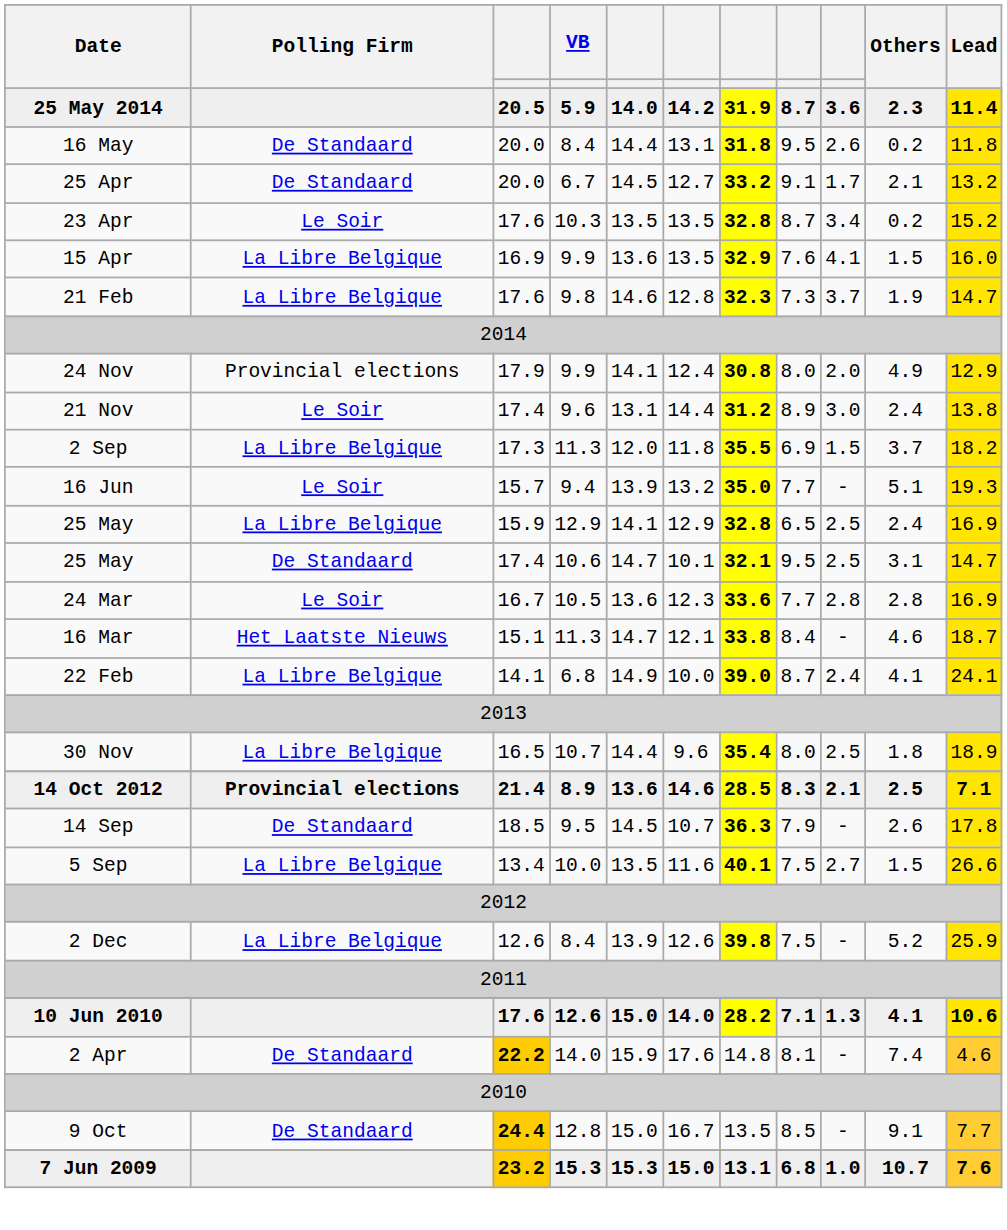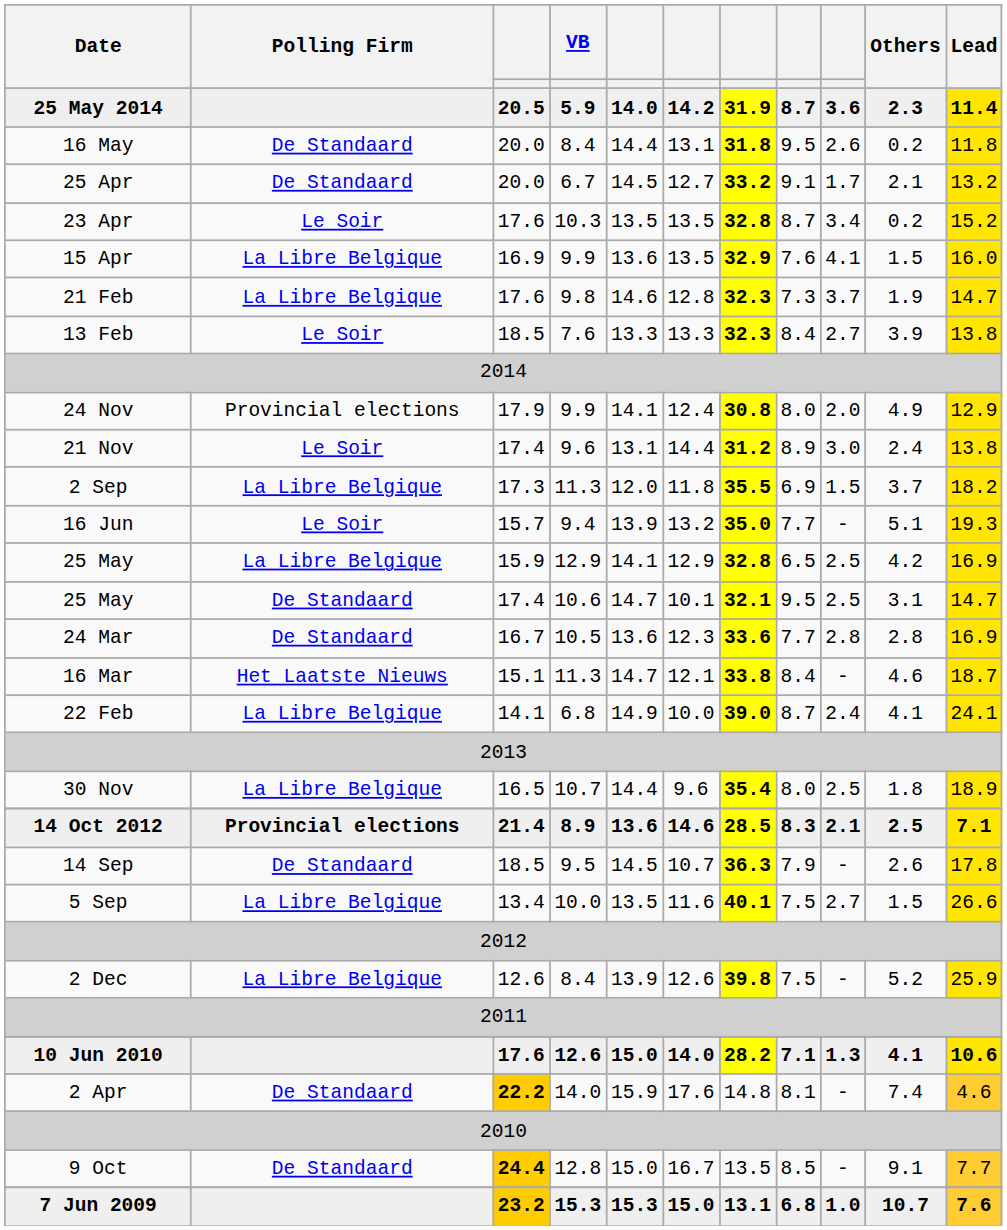 <table class="wikitable" style="text-align:center; font-size:85%; line-height:16px;">
 <tr style="height:42px;">
 <th style="width:100px;" rowspan="2">Date</th>
 <th style="width:165px;" rowspan="2">Polling Firm</th>
 <th></th>
 <th><a href='#'>VB</a></th>
 <th></th>
 <th></th>
 <th></th>
 <th></th>
 <th></th>
 <th style="width:40px;" rowspan="2">Others</th>
 <th style="width:20px;" rowspan="2">Lead</th>
 </tr>
 <tr>
 <th style="background:"></th>
 <th style="background:"></th>
 <th style="background:"></th>
 <th style="background:"></th>
 <th style="background:"></th>
 <th style="background:"></th>
 <th style="background:"></th>
 </tr>
 <tr style="background:#EFEFEF; font-weight:bold;">
 <td>25 May 2014</td>
 <td></td>
 <td>20.5</td>
 <td>5.9</td>
 <td>14.0</td>
 <td>14.2</td>
 <td style="background:#FFFF00"><strong>31.9</strong></td>
 <td>8.7</td>
 <td>3.6</td>
 <td>2.3</td>
 <td style="background:#FFE500; color:black;">11.4</td>
 </tr>
 <tr>
 <td>16 May</td>
 <td><a href='#'>De Standaard</a></td>
 <td>20.0</td>
 <td>8.4</td>
 <td>14.4</td>
 <td>13.1</td>
 <td style="background:#FFFF00"><strong>31.8</strong></td>
 <td>9.5</td>
 <td>2.6</td>
 <td>0.2</td>
 <td style="background:#FFE500; color:black;">11.8</td>
 </tr>
 <tr>
 <td>25 Apr</td>
 <td><a href='#'>De Standaard</a></td>
 <td>20.0</td>
 <td>6.7</td>
 <td>14.5</td>
 <td>12.7</td>
 <td style="background:#FFFF00"><strong>33.2</strong></td>
 <td>9.1</td>
 <td>1.7</td>
 <td>2.1</td>
 <td style="background:#FFE500; color:black;">13.2</td>
 </tr>
 <tr>
 <td>23 Apr</td>
 <td><a href='#'>Le Soir</a></td>
 <td>17.6</td>
 <td>10.3</td>
 <td>13.5</td>
 <td>13.5</td>
 <td style="background:#FFFF00"><strong>32.8</strong></td>
 <td>8.7</td>
 <td>3.4</td>
 <td>0.2</td>
 <td style="background:#FFE500; color:black;">15.2</td>
 </tr>
 <tr>
 <td>15 Apr</td>
 <td><a href='#'>La Libre Belgique</a></td>
 <td>16.9</td>
 <td>9.9</td>
 <td>13.6</td>
 <td>13.5</td>
 <td style="background:#FFFF00"><strong>32.9</strong></td>
 <td>7.6</td>
 <td>4.1</td>
 <td>1.5</td>
 <td style="background:#FFE500; color:black;">16.0</td>
 </tr>
 <tr>
 <td>21 Feb</td>
 <td><a href='#'>La Libre Belgique</a></td>
 <td>17.6</td>
 <td>9.8</td>
 <td>14.6</td>
 <td>12.8</td>
 <td style="background:#FFFF00"><strong>32.3</strong></td>
 <td>7.3</td>
 <td>3.7</td>
 <td>1.9</td>
 <td style="background:#FFE500; color:black;">14.7</td>
 </tr>
 <tr>
+<td>13 Feb</td>
+<td><a href='#'>Le Soir</a></td>
+<td>18.5</td>
+<td>7.6</td>
+<td>13.3</td>
+<td>13.3</td>
+<td style="background:#FFFF00"><strong>32.3</strong></td>
+<td>8.4</td>
+<td>2.7</td>
+<td>3.9</td>
+<td style="background:#FFE500; color:black;">13.8</td>
+</tr>
+<tr>
 <td colspan="11" style="background:#D0D0D0; color:black">2014</td>
 </tr>
 <tr>
 <td>24 Nov</td>
 <td>Provincial elections</td>
 <td>17.9</td>
 <td>9.9</td>
 <td>14.1</td>
 <td>12.4</td>
 <td style="background:#FFFF00"><strong>30.8</strong></td>
 <td>8.0</td>
 <td>2.0</td>
 <td>4.9</td>
 <td style="background:#FFE500; color:black;">12.9</td>
 </tr>
 <tr>
 <td>21 Nov</td>
 <td><a href='#'>Le Soir</a></td>
 <td>17.4</td>
 <td>9.6</td>
 <td>13.1</td>
 <td>14.4</td>
 <td style="background:#FFFF00"><strong>31.2</strong></td>
 <td>8.9</td>
 <td>3.0</td>
 <td>2.4</td>
 <td style="background:#FFE500; color:black;">13.8</td>
 </tr>
 <tr>
 <td>2 Sep</td>
 <td><a href='#'>La Libre Belgique</a></td>
 <td>17.3</td>
 <td>11.3</td>
 <td>12.0</td>
 <td>11.8</td>
 <td style="background:#FFFF00"><strong>35.5</strong></td>
 <td>6.9</td>
 <td>1.5</td>
 <td>3.7</td>
 <td style="background:#FFE500; color:black;">18.2</td>
 </tr>
 <tr>
 <td>16 Jun</td>
 <td><a href='#'>Le Soir</a></td>
 <td>15.7</td>
 <td>9.4</td>
 <td>13.9</td>
 <td>13.2</td>
 <td style="background:#FFFF00"><strong>35.0</strong></td>
 <td>7.7</td>
 <td>-</td>
 <td>5.1</td>
 <td style="background:#FFE500; color:black;">19.3</td>
 </tr>
 <tr>
 <td>25 May</td>
 <td><a href='#'>La Libre Belgique</a></td>
 <td>15.9</td>
 <td>12.9</td>
 <td>14.1</td>
 <td>12.9</td>
 <td style="background:#FFFF00"><strong>32.8</strong></td>
 <td>6.5</td>
 <td>2.5</td>
-<td>2.4</td>
+<td>4.2</td>
 <td style="background:#FFE500; color:black;">16.9</td>
 </tr>
 <tr>
 <td>25 May</td>
 <td><a href='#'>De Standaard</a></td>
 <td>17.4</td>
 <td>10.6</td>
 <td>14.7</td>
 <td>10.1</td>
 <td style="background:#FFFF00"><strong>32.1</strong></td>
 <td>9.5</td>
 <td>2.5</td>
 <td>3.1</td>
 <td style="background:#FFE500; color:black;">14.7</td>
 </tr>
 <tr>
 <td>24 Mar</td>
-<td><a href='#'>Le Soir</a></td>
+<td><a href='#'>De Standaard</a></td>
 <td>16.7</td>
 <td>10.5</td>
 <td>13.6</td>
 <td>12.3</td>
 <td style="background:#FFFF00"><strong>33.6</strong></td>
 <td>7.7</td>
 <td>2.8</td>
 <td>2.8</td>
 <td style="background:#FFE500; color:black;">16.9</td>
 </tr>
 <tr>
 <td>16 Mar</td>
 <td><a href='#'>Het Laatste Nieuws</a></td>
 <td>15.1</td>
 <td>11.3</td>
 <td>14.7</td>
 <td>12.1</td>
 <td style="background:#FFFF00"><strong>33.8</strong></td>
 <td>8.4</td>
 <td>-</td>
 <td>4.6</td>
 <td style="background:#FFE500; color:black;">18.7</td>
 </tr>
 <tr>
 <td>22 Feb</td>
 <td><a href='#'>La Libre Belgique</a></td>
 <td>14.1</td>
 <td>6.8</td>
 <td>14.9</td>
 <td>10.0</td>
 <td style="background:#FFFF00"><strong>39.0</strong></td>
 <td>8.7</td>
 <td>2.4</td>
 <td>4.1</td>
 <td style="background:#FFE500; color:black;">24.1</td>
 </tr>
 <tr>
 <td colspan="11" style="background:#D0D0D0; color:black">2013</td>
 </tr>
 <tr>
 <td>30 Nov</td>
 <td><a href='#'>La Libre Belgique</a></td>
 <td>16.5</td>
 <td>10.7</td>
 <td>14.4</td>
 <td>9.6</td>
 <td style="background:#FFFF00"><strong>35.4</strong></td>
 <td>8.0</td>
 <td>2.5</td>
 <td>1.8</td>
 <td style="background:#FFE500; color:black;">18.9</td>
 </tr>
 <tr>
 </tr>
 <tr style="background:#EFEFEF; font-weight:bold;">
 <td>14 Oct 2012</td>
 <td>Provincial elections</td>
 <td>21.4</td>
 <td>8.9</td>
 <td>13.6</td>
 <td>14.6</td>
 <td style="background:#FFFF00">28.5</td>
 <td>8.3</td>
 <td>2.1</td>
 <td>2.5</td>
 <td style="background:#FFE500; color:black;">7.1</td>
 </tr>
 <tr>
 <td>14 Sep</td>
 <td><a href='#'>De Standaard</a></td>
 <td>18.5</td>
 <td>9.5</td>
 <td>14.5</td>
 <td>10.7</td>
 <td style="background:#FFFF00"><strong>36.3</strong></td>
 <td>7.9</td>
 <td>-</td>
 <td>2.6</td>
 <td style="background:#FFE500; color:black;">17.8</td>
 </tr>
 <tr>
 <td>5 Sep</td>
 <td><a href='#'>La Libre Belgique</a></td>
 <td>13.4</td>
 <td>10.0</td>
 <td>13.5</td>
 <td>11.6</td>
 <td style="background:#FFFF00"><strong>40.1</strong></td>
 <td>7.5</td>
 <td>2.7</td>
 <td>1.5</td>
 <td style="background:#FFE500; color:black;">26.6</td>
 </tr>
 <tr>
 <td colspan="11" style="background:#D0D0D0; color:black">2012</td>
 </tr>
 <tr>
 <td>2 Dec</td>
 <td><a href='#'>La Libre Belgique</a></td>
 <td>12.6</td>
 <td>8.4</td>
 <td>13.9</td>
 <td>12.6</td>
 <td style="background:#FFFF00"><strong>39.8</strong></td>
 <td>7.5</td>
 <td>-</td>
 <td>5.2</td>
 <td style="background:#FFE500; color:black;">25.9</td>
 </tr>
 <tr>
 <td colspan="11" style="background:#D0D0D0; color:black">2011</td>
 </tr>
 <tr>
 </tr>
 <tr style="background:#EFEFEF; font-weight:bold;">
 <td>10 Jun 2010</td>
 <td></td>
 <td>17.6</td>
 <td>12.6</td>
 <td>15.0</td>
 <td>14.0</td>
 <td style="background:#FFFF00">28.2</td>
 <td>7.1</td>
 <td>1.3</td>
 <td>4.1</td>
 <td style="background:#FFE500; color:black;">10.6</td>
 </tr>
 <tr>
 <td>2 Apr</td>
 <td><a href='#'>De Standaard</a></td>
 <td style="background:#FFCC00"><strong>22.2</strong></td>
 <td>14.0</td>
 <td>15.9</td>
 <td>17.6</td>
 <td>14.8</td>
 <td>8.1</td>
 <td>-</td>
 <td>7.4</td>
 <td style="background:#FFCC33; color:black;">4.6</td>
 </tr>
 <tr>
 <td colspan="11" style="background:#D0D0D0; color:black">2010</td>
 </tr>
 <tr>
 <td>9 Oct</td>
 <td><a href='#'>De Standaard</a></td>
 <td style="background:#FFCC00"><strong>24.4</strong></td>
 <td>12.8</td>
 <td>15.0</td>
 <td>16.7</td>
 <td>13.5</td>
 <td>8.5</td>
 <td>-</td>
 <td>9.1</td>
 <td style="background:#FFCC33; color:black;">7.7</td>
 </tr>
 <tr>
 </tr>
 <tr style="background:#EFEFEF; font-weight:bold;">
 <td>7 Jun 2009</td>
 <td></td>
 <td style="background:#FFCC00">23.2</td>
 <td>15.3</td>
 <td>15.3</td>
 <td>15.0</td>
 <td>13.1</td>
 <td>6.8</td>
 <td>1.0</td>
 <td>10.7</td>
 <td style="background:#FFCC33; color:black;">7.6</td>
 </tr>
 </table>
